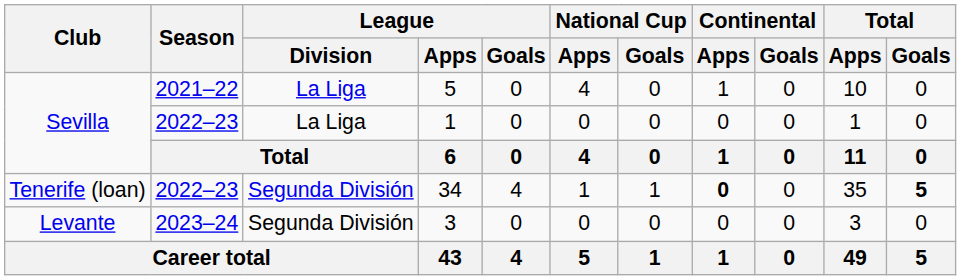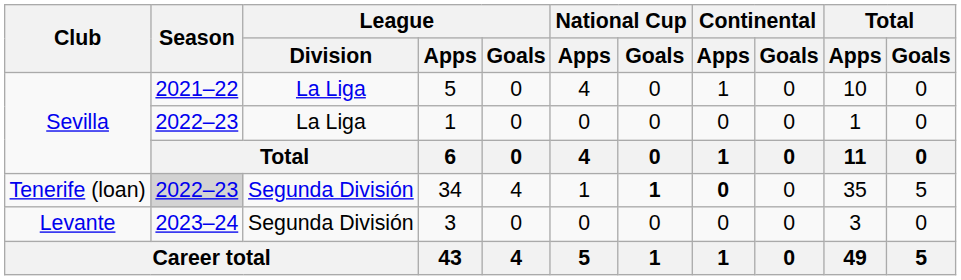 <table class="wikitable" style="text-align:center">
 <tr>
 <th rowspan="2">Club</th>
 <th rowspan="2">Season</th>
 <th colspan="3">League</th>
 <th colspan="2">National Cup</th>
 <th colspan="2">Continental</th>
 <th colspan="2">Total</th>
 </tr>
 <tr>
 <th>Division</th>
 <th>Apps</th>
 <th>Goals</th>
 <th>Apps</th>
 <th>Goals</th>
 <th>Apps</th>
 <th>Goals</th>
 <th>Apps</th>
 <th>Goals</th>
 </tr>
 <tr>
 <td rowspan="3"><a href='#'>Sevilla</a></td>
 <td><a href='#'>2021–22</a></td>
 <td><a href='#'>La Liga</a></td>
 <td>5</td>
 <td>0</td>
 <td>4</td>
 <td>0</td>
 <td>1</td>
 <td>0</td>
 <td>10</td>
 <td>0</td>
 </tr>
 <tr>
 <td><a href='#'>2022–23</a></td>
 <td>La Liga</td>
 <td>1</td>
 <td>0</td>
 <td>0</td>
 <td>0</td>
 <td>0</td>
 <td>0</td>
 <td>1</td>
 <td>0</td>
 </tr>
 <tr>
 <th colspan="2">Total</th>
 <th>6</th>
 <th>0</th>
 <th>4</th>
 <th>0</th>
 <th>1</th>
 <th>0</th>
 <th>11</th>
 <th>0</th>
 </tr>
 <tr>
 <td><a href='#'>Tenerife</a> (loan)</td>
-<td><a href='#'>2022–23</a></td>
+<td style="background: lightgrey;"><a href='#'>2022–23</a></td>
 <td><a href='#'>Segunda División</a></td>
 <td>34</td>
 <td>4</td>
 <td>1</td>
-<td>1</td>
+<td><strong>1</strong></td>
 <td><strong>0</strong></td>
 <td>0</td>
 <td>35</td>
-<td><strong>5</strong></td>
+<td>5</td>
 </tr>
 <tr>
 <td><a href='#'>Levante</a></td>
 <td><a href='#'>2023–24</a></td>
 <td>Segunda División</td>
 <td>3</td>
 <td>0</td>
 <td>0</td>
 <td>0</td>
 <td>0</td>
 <td>0</td>
 <td>3</td>
 <td>0</td>
 </tr>
 <tr>
 <th colspan="3">Career total</th>
 <th>43</th>
 <th>4</th>
 <th>5</th>
 <th>1</th>
 <th>1</th>
 <th>0</th>
 <th>49</th>
 <th>5</th>
 </tr>
 </table>
